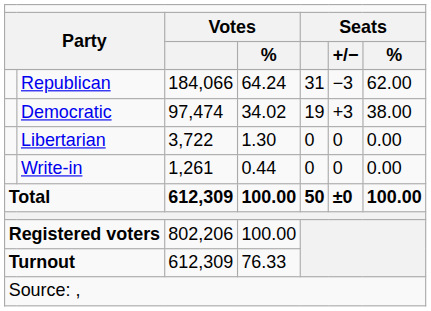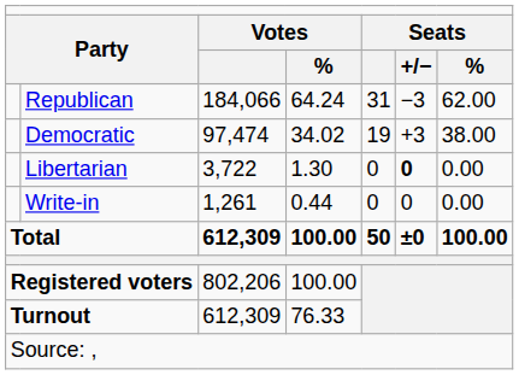 <table class="wikitable">
 <tr>
 <td colspan="7"></td>
 </tr>
 <tr>
 <th colspan="2" rowspan="2">Party</th>
 <th colspan="2">Votes</th>
 <th colspan="3">Seats</th>
 </tr>
 <tr>
 <th></th>
 <th>%</th>
 <th></th>
 <th>+/−</th>
 <th>%</th>
 </tr>
 <tr>
 <td style="background-color:"></td>
 <td><a href='#'>Republican</a></td>
 <td style"text-align:right">184,066</td>
 <td style"text-align:right">64.24</td>
 <td style"text-align:right">31</td>
 <td style"text-align:right">−3</td>
 <td style"text-align:right">62.00</td>
 </tr>
 <tr>
 <td style="background-color:"></td>
 <td><a href='#'>Democratic</a></td>
 <td style"text-align:right">97,474</td>
 <td style"text-align:right">34.02</td>
 <td style"text-align:right">19</td>
 <td style"text-align:right">+3</td>
 <td style"text-align:right">38.00</td>
 </tr>
 <tr>
 <td style="background-color:"></td>
 <td><a href='#'>Libertarian</a></td>
 <td style"text-align:right">3,722</td>
 <td style"text-align:right">1.30</td>
 <td style"text-align:right">0</td>
-<td style"text-align:right">0</td>
+<td style"text-align:right"><strong>0</strong></td>
 <td style"text-align:right">0.00</td>
 </tr>
 <tr>
 <td style="background-color:"></td>
 <td><a href='#'>Write-in</a></td>
 <td style"text-align:right">1,261</td>
 <td style"text-align:right">0.44</td>
 <td style"text-align:right">0</td>
 <td style"text-align:right">0</td>
 <td style"text-align:right">0.00</td>
 </tr>
 <tr>
 <td colspan="2"><strong>Total</strong></td>
 <td style"text-align:right"><strong>612,309</strong></td>
 <td style"text-align:right"><strong>100.00</strong></td>
 <td style"text-align:right"><strong>50</strong></td>
 <td style"text-align:right"><strong>±0</strong></td>
 <td style"text-align:right"><strong>100.00</strong></td>
 </tr>
 <tr>
 <th colspan="7"></th>
 </tr>
 <tr>
 <td colspan="2"><strong>Registered voters</strong></td>
 <td>802,206</td>
 <td>100.00</td>
 <th colspan="3" rowspan="2"></th>
 </tr>
 <tr>
 <td colspan="2"><strong>Turnout</strong></td>
 <td>612,309</td>
 <td>76.33</td>
 </tr>
 <tr>
 <td colspan="7">Source: , </td>
 </tr>
 </table>
